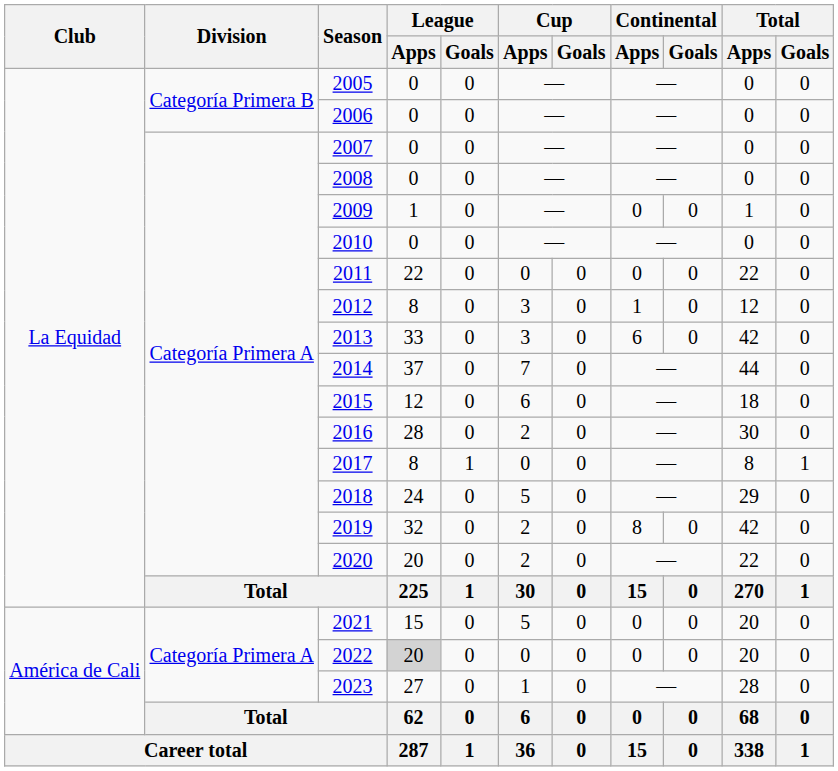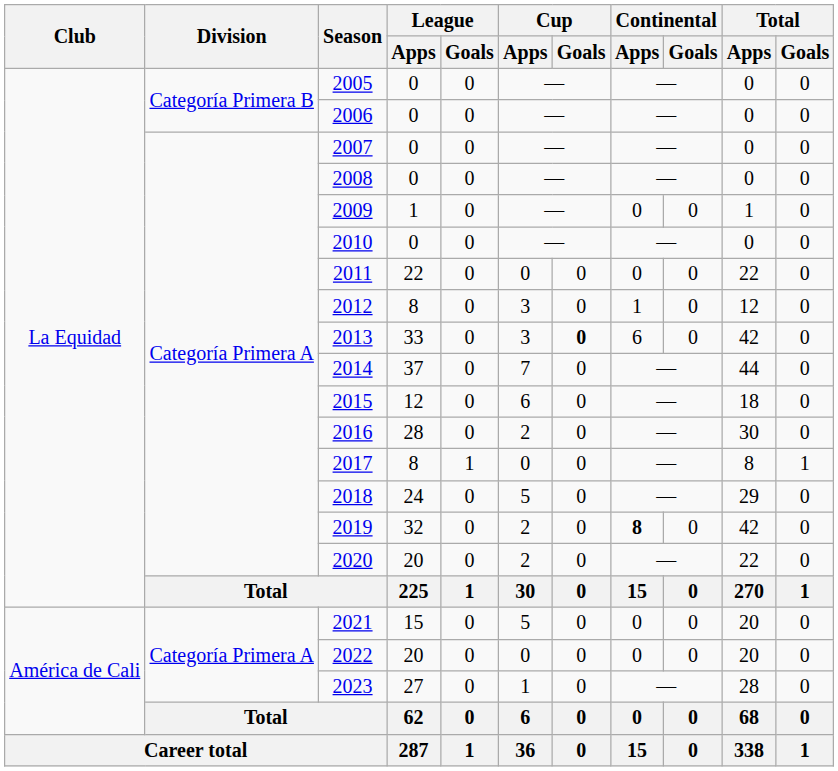 <table class="wikitable" style="text-align: center">
 <tr>
 <th rowspan="2">Club</th>
 <th rowspan="2">Division</th>
 <th rowspan="2">Season</th>
 <th colspan="2">League</th>
 <th colspan="2">Cup</th>
 <th colspan="2">Continental</th>
 <th colspan="2">Total</th>
 </tr>
 <tr>
 <th>Apps</th>
 <th>Goals</th>
 <th>Apps</th>
 <th>Goals</th>
 <th>Apps</th>
 <th>Goals</th>
 <th>Apps</th>
 <th>Goals</th>
 </tr>
 <tr>
 <td rowspan="17"><a href='#'>La Equidad</a></td>
 <td rowspan="2"><a href='#'>Categoría Primera B</a></td>
 <td><a href='#'>2005</a></td>
 <td>0</td>
 <td>0</td>
 <td colspan="2">—</td>
 <td colspan="2">—</td>
 <td>0</td>
 <td>0</td>
 </tr>
 <tr>
 <td><a href='#'>2006</a></td>
 <td>0</td>
 <td>0</td>
 <td colspan="2">—</td>
 <td colspan="2">—</td>
 <td>0</td>
 <td>0</td>
 </tr>
 <tr>
 <td rowspan="14"><a href='#'>Categoría Primera A</a></td>
 <td><a href='#'>2007</a></td>
 <td>0</td>
 <td>0</td>
 <td colspan="2">—</td>
 <td colspan="2">—</td>
 <td>0</td>
 <td>0</td>
 </tr>
 <tr>
 <td><a href='#'>2008</a></td>
 <td>0</td>
 <td>0</td>
 <td colspan="2">—</td>
 <td colspan="2">—</td>
 <td>0</td>
 <td>0</td>
 </tr>
 <tr>
 <td><a href='#'>2009</a></td>
 <td>1</td>
 <td>0</td>
 <td colspan="2">—</td>
 <td>0</td>
 <td>0</td>
 <td>1</td>
 <td>0</td>
 </tr>
 <tr>
 <td><a href='#'>2010</a></td>
 <td>0</td>
 <td>0</td>
 <td colspan="2">—</td>
 <td colspan="2">—</td>
 <td>0</td>
 <td>0</td>
 </tr>
 <tr>
 <td><a href='#'>2011</a></td>
 <td>22</td>
 <td>0</td>
 <td>0</td>
 <td>0</td>
 <td>0</td>
 <td>0</td>
 <td>22</td>
 <td>0</td>
 </tr>
 <tr>
 <td><a href='#'>2012</a></td>
 <td>8</td>
 <td>0</td>
 <td>3</td>
 <td>0</td>
 <td>1</td>
 <td>0</td>
 <td>12</td>
 <td>0</td>
 </tr>
 <tr>
 <td><a href='#'>2013</a></td>
 <td>33</td>
 <td>0</td>
 <td>3</td>
-<td>0</td>
+<td><strong>0</strong></td>
 <td>6</td>
 <td>0</td>
 <td>42</td>
 <td>0</td>
 </tr>
 <tr>
 <td><a href='#'>2014</a></td>
 <td>37</td>
 <td>0</td>
 <td>7</td>
 <td>0</td>
 <td colspan="2">—</td>
 <td>44</td>
 <td>0</td>
 </tr>
 <tr>
 <td><a href='#'>2015</a></td>
 <td>12</td>
 <td>0</td>
 <td>6</td>
 <td>0</td>
 <td colspan="2">—</td>
 <td>18</td>
 <td>0</td>
 </tr>
 <tr>
 <td><a href='#'>2016</a></td>
 <td>28</td>
 <td>0</td>
 <td>2</td>
 <td>0</td>
 <td colspan="2">—</td>
 <td>30</td>
 <td>0</td>
 </tr>
 <tr>
 <td><a href='#'>2017</a></td>
 <td>8</td>
 <td>1</td>
 <td>0</td>
 <td>0</td>
 <td colspan="2">—</td>
 <td>8</td>
 <td>1</td>
 </tr>
 <tr>
 <td><a href='#'>2018</a></td>
 <td>24</td>
 <td>0</td>
 <td>5</td>
 <td>0</td>
 <td colspan="2">—</td>
 <td>29</td>
 <td>0</td>
 </tr>
 <tr>
 <td><a href='#'>2019</a></td>
 <td>32</td>
 <td>0</td>
 <td>2</td>
 <td>0</td>
-<td>8</td>
+<td><strong>8</strong></td>
 <td>0</td>
 <td>42</td>
 <td>0</td>
 </tr>
 <tr>
 <td><a href='#'>2020</a></td>
 <td>20</td>
 <td>0</td>
 <td>2</td>
 <td>0</td>
 <td colspan="2">—</td>
 <td>22</td>
 <td>0</td>
 </tr>
 <tr>
 <th colspan="2">Total</th>
 <th>225</th>
 <th>1</th>
 <th>30</th>
 <th>0</th>
 <th>15</th>
 <th>0</th>
 <th>270</th>
 <th>1</th>
 </tr>
 <tr>
 <td rowspan="4"><a href='#'>América de Cali</a></td>
 <td rowspan="3"><a href='#'>Categoría Primera A</a></td>
 <td><a href='#'>2021</a></td>
 <td>15</td>
 <td>0</td>
 <td>5</td>
 <td>0</td>
 <td>0</td>
 <td>0</td>
 <td>20</td>
 <td>0</td>
 </tr>
 <tr>
 <td><a href='#'>2022</a></td>
-<td style="background: lightgrey;">20</td>
+<td>20</td>
 <td>0</td>
 <td>0</td>
 <td>0</td>
 <td>0</td>
 <td>0</td>
 <td>20</td>
 <td>0</td>
 </tr>
 <tr>
 <td><a href='#'>2023</a></td>
 <td>27</td>
 <td>0</td>
 <td>1</td>
 <td>0</td>
 <td colspan="2">—</td>
 <td>28</td>
 <td>0</td>
 </tr>
 <tr>
 <th colspan="2">Total</th>
 <th>62</th>
 <th>0</th>
 <th>6</th>
 <th>0</th>
 <th>0</th>
 <th>0</th>
 <th>68</th>
 <th>0</th>
 </tr>
 <tr>
 <th colspan="3">Career total</th>
 <th>287</th>
 <th>1</th>
 <th>36</th>
 <th>0</th>
 <th>15</th>
 <th>0</th>
 <th>338</th>
 <th>1</th>
 </tr>
 </table>
